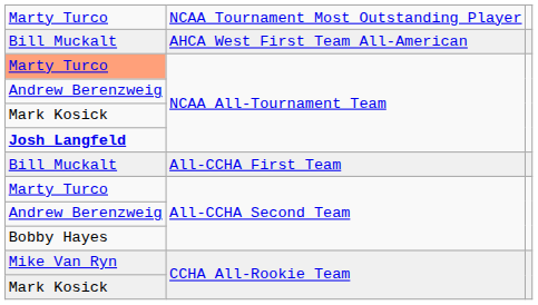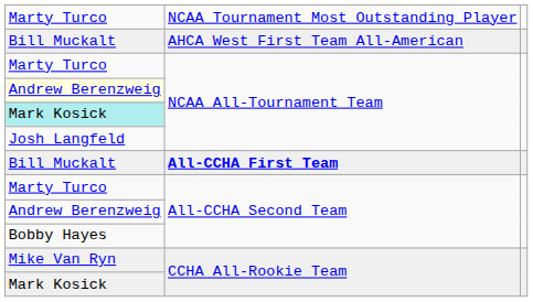 <table class="wikitable">
 <tr>
 <td><a href='#'>Marty Turco</a></td>
 <td><a href='#'>NCAA Tournament Most Outstanding Player</a></td>
 <td></td>
 </tr>
 <tr bgcolor=f0f0f0>
 <td><a href='#'>Bill Muckalt</a></td>
 <td><a href='#'>AHCA West First Team All-American</a></td>
 <td></td>
 </tr>
 <tr>
-<td style="background: lightsalmon;"><a href='#'>Marty Turco</a></td>
+<td><a href='#'>Marty Turco</a></td>
 <td rowspan=4><a href='#'>NCAA All-Tournament Team</a></td>
 <td rowspan=4></td>
 </tr>
 <tr>
-<td><a href='#'>Andrew Berenzweig</a></td>
+<td style="background: lightyellow;"><a href='#'>Andrew Berenzweig</a></td>
 </tr>
 <tr>
-<td>Mark Kosick</td>
+<td style="background: paleturquoise;">Mark Kosick</td>
 </tr>
 <tr>
-<td><strong><a href='#'>Josh Langfeld</a></strong></td>
+<td><a href='#'>Josh Langfeld</a></td>
 </tr>
 <tr bgcolor=f0f0f0>
 <td><a href='#'>Bill Muckalt</a></td>
-<td><a href='#'>All-CCHA First Team</a></td>
+<td><strong><a href='#'>All-CCHA First Team</a></strong></td>
 <td></td>
 </tr>
 <tr>
 <td><a href='#'>Marty Turco</a></td>
 <td rowspan=3><a href='#'>All-CCHA Second Team</a></td>
 <td rowspan=3></td>
 </tr>
 <tr>
 <td><a href='#'>Andrew Berenzweig</a></td>
 </tr>
 <tr>
 <td>Bobby Hayes</td>
 </tr>
 <tr bgcolor=f0f0f0>
 <td><a href='#'>Mike Van Ryn</a></td>
 <td rowspan=2><a href='#'>CCHA All-Rookie Team</a></td>
 <td rowspan=2></td>
 </tr>
 <tr bgcolor=f0f0f0>
 <td>Mark Kosick</td>
 </tr>
 </table>
